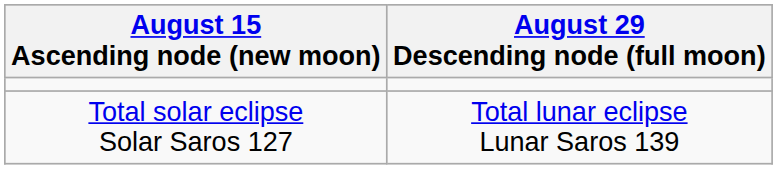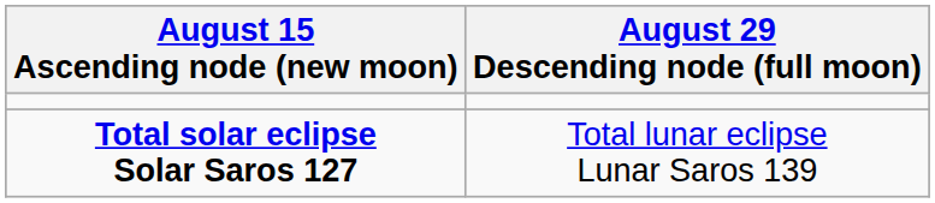 <table class="wikitable">
 <tr>
 <th><a href='#'>August 15</a><br>Ascending node (new moon)<br></th>
 <th><a href='#'>August 29</a><br>Descending node (full moon)<br></th>
 </tr>
 <tr>
 <td></td>
 <td></td>
 </tr>
 <tr align=center>
-<td><a href='#'>Total solar eclipse</a><br>Solar Saros 127</td>
+<td><strong><a href='#'>Total solar eclipse</a><br>Solar Saros 127</strong></td>
 <td><a href='#'>Total lunar eclipse</a><br>Lunar Saros 139</td>
 </tr>
 </table>
